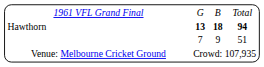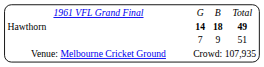 <table style="margin-right:4px; margin-top:8px; float:right; clear:right; border:1px #000 solid; border-radius:8px; background:#fff; font-family:Verdana; font-size:8pt; text-align:center;">
 <tr>
 <td style="width:200px;"><em><a href='#'>1961 VFL Grand Final</a></em></td>
 <td><em>G</em></td>
 <td><em>B</em></td>
 <td><em>Total</em></td>
 </tr>
 <tr>
 <td style="text-align:left">Hawthorn</td>
-<td><strong>13</strong></td>
+<td><strong>14</strong></td>
 <td><strong>18</strong></td>
-<td><strong>94</strong></td>
+<td><strong>49</strong></td>
 </tr>
 <tr>
 <td style="text-align:left"></td>
 <td>7</td>
 <td>9</td>
 <td>51</td>
 </tr>
 <tr>
 <td>Venue: <a href='#'>Melbourne Cricket Ground</a></td>
 <td colspan="3">Crowd: 107,935</td>
 </tr>
 </table>
